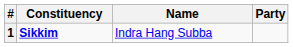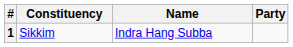 <table class="wikitable sortable">
 <tr>
 <th>#</th>
 <th style="width:120px">Constituency</th>
 <th style="width:180px">Name</th>
 <th colspan=2>Party</th>
 </tr>
 <tr>
 <th>1</th>
-<td><strong><a href='#'>Sikkim</a></strong></td>
+<td><a href='#'>Sikkim</a></td>
 <td><a href='#'>Indra Hang Subba</a></td>
 <td></td>
 </tr>
 </table>
